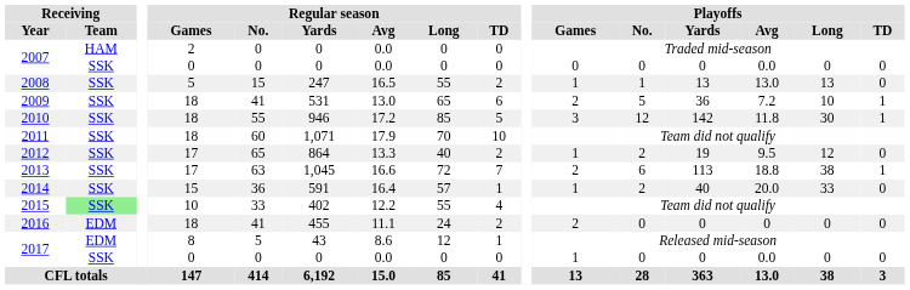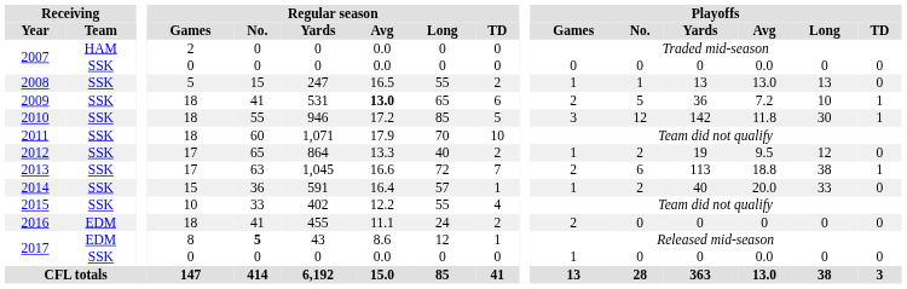 <table BORDER="0" CELLPADDING="1" CELLSPACING="0" width="65%" style="text-align:center">
 <tr bgcolor="#e0e0e0">
 <th colspan="2">Receiving</th>
 <th rowspan="99" bgcolor="#ffffff"> </th>
 <th colspan="6">Regular season</th>
 <th rowspan="99" bgcolor="#ffffff"> </th>
 <th colspan="6">Playoffs</th>
 </tr>
 <tr bgcolor="#e0e0e0">
 <th>Year</th>
 <th>Team</th>
 <th>Games</th>
 <th>No.</th>
 <th>Yards</th>
 <th>Avg</th>
 <th>Long</th>
 <th>TD</th>
 <th>Games</th>
 <th>No.</th>
 <th>Yards</th>
 <th>Avg</th>
 <th>Long</th>
 <th>TD</th>
 </tr>
 <tr ALIGN="center">
 <td rowspan="2" style="text-align: center;" valign="middle"><a href='#'>2007</a></td>
 <td><a href='#'>HAM</a></td>
 <td>2</td>
 <td>0</td>
 <td>0</td>
 <td>0.0</td>
 <td>0</td>
 <td>0</td>
 <td colspan="6"><em>Traded mid-season</em></td>
 </tr>
 <tr ALIGN="center">
 <td><a href='#'>SSK</a></td>
 <td>0</td>
 <td>0</td>
 <td>0</td>
 <td>0.0</td>
 <td>0</td>
 <td>0</td>
 <td>0</td>
 <td>0</td>
 <td>0</td>
 <td>0.0</td>
 <td>0</td>
 <td>0</td>
 </tr>
 <tr ALIGN="center" bgcolor="#f0f0f0">
 <td><a href='#'>2008</a></td>
 <td><a href='#'>SSK</a></td>
 <td>5</td>
 <td>15</td>
 <td>247</td>
 <td>16.5</td>
 <td>55</td>
 <td>2</td>
 <td>1</td>
 <td>1</td>
 <td>13</td>
 <td>13.0</td>
 <td>13</td>
 <td>0</td>
 </tr>
 <tr ALIGN="center">
 <td><a href='#'>2009</a></td>
 <td><a href='#'>SSK</a></td>
 <td>18</td>
 <td>41</td>
 <td>531</td>
-<td>13.0</td>
+<td><strong>13.0</strong></td>
 <td>65</td>
 <td>6</td>
 <td>2</td>
 <td>5</td>
 <td>36</td>
 <td>7.2</td>
 <td>10</td>
 <td>1</td>
 </tr>
 <tr ALIGN="center" bgcolor="#f0f0f0">
 <td><a href='#'>2010</a></td>
 <td><a href='#'>SSK</a></td>
 <td>18</td>
 <td>55</td>
 <td>946</td>
 <td>17.2</td>
 <td>85</td>
 <td>5</td>
 <td>3</td>
 <td>12</td>
 <td>142</td>
 <td>11.8</td>
 <td>30</td>
 <td>1</td>
 </tr>
 <tr ALIGN="center">
 <td><a href='#'>2011</a></td>
 <td><a href='#'>SSK</a></td>
 <td>18</td>
 <td>60</td>
 <td>1,071</td>
 <td>17.9</td>
 <td>70</td>
 <td>10</td>
 <td colspan="6"><em>Team did not qualify</em></td>
 </tr>
 <tr ALIGN="center" bgcolor="#f0f0f0">
 <td><a href='#'>2012</a></td>
 <td><a href='#'>SSK</a></td>
 <td>17</td>
 <td>65</td>
 <td>864</td>
 <td>13.3</td>
 <td>40</td>
 <td>2</td>
 <td>1</td>
 <td>2</td>
 <td>19</td>
 <td>9.5</td>
 <td>12</td>
 <td>0</td>
 </tr>
 <tr ALIGN="center">
 <td><a href='#'>2013</a></td>
 <td><a href='#'>SSK</a></td>
 <td>17</td>
 <td>63</td>
 <td>1,045</td>
 <td>16.6</td>
 <td>72</td>
 <td>7</td>
 <td>2</td>
 <td>6</td>
 <td>113</td>
 <td>18.8</td>
 <td>38</td>
 <td>1</td>
 </tr>
 <tr ALIGN="center" bgcolor="#f0f0f0">
 <td><a href='#'>2014</a></td>
 <td><a href='#'>SSK</a></td>
 <td>15</td>
 <td>36</td>
 <td>591</td>
 <td>16.4</td>
 <td>57</td>
 <td>1</td>
 <td>1</td>
 <td>2</td>
 <td>40</td>
 <td>20.0</td>
 <td>33</td>
 <td>0</td>
 </tr>
 <tr ALIGN="center">
 <td><a href='#'>2015</a></td>
-<td style="background: lightgreen;"><a href='#'>SSK</a></td>
+<td><a href='#'>SSK</a></td>
 <td>10</td>
 <td>33</td>
 <td>402</td>
 <td>12.2</td>
 <td>55</td>
 <td>4</td>
 <td colspan="6"><em>Team did not qualify</em></td>
 </tr>
 <tr ALIGN="center" bgcolor="#f0f0f0">
 <td><a href='#'>2016</a></td>
 <td><a href='#'>EDM</a></td>
 <td>18</td>
 <td>41</td>
 <td>455</td>
 <td>11.1</td>
 <td>24</td>
 <td>2</td>
 <td>2</td>
 <td>0</td>
 <td>0</td>
 <td>0</td>
 <td>0</td>
 <td>0</td>
 </tr>
 <tr ALIGN="center">
 <td rowspan="2" style="text-align: center;" valign="middle"><a href='#'>2017</a></td>
 <td><a href='#'>EDM</a></td>
 <td>8</td>
-<td>5</td>
+<td><strong>5</strong></td>
 <td>43</td>
 <td>8.6</td>
 <td>12</td>
 <td>1</td>
 <td colspan="6"><em>Released mid-season</em></td>
 </tr>
 <tr ALIGN="center">
 <td><a href='#'>SSK</a></td>
 <td>0</td>
 <td>0</td>
 <td>0</td>
 <td>0.0</td>
 <td>0</td>
 <td>0</td>
 <td>1</td>
 <td>0</td>
 <td>0</td>
 <td>0.0</td>
 <td>0</td>
 <td>0</td>
 </tr>
 <tr bgcolor="#e0e0e0">
 <th colspan="3">CFL totals</th>
 <th>147</th>
 <th>414</th>
 <th>6,192</th>
 <th>15.0</th>
 <th>85</th>
 <th>41</th>
 <th>13</th>
 <th>28</th>
 <th>363</th>
 <th>13.0</th>
 <th>38</th>
 <th>3</th>
 </tr>
 </table>
